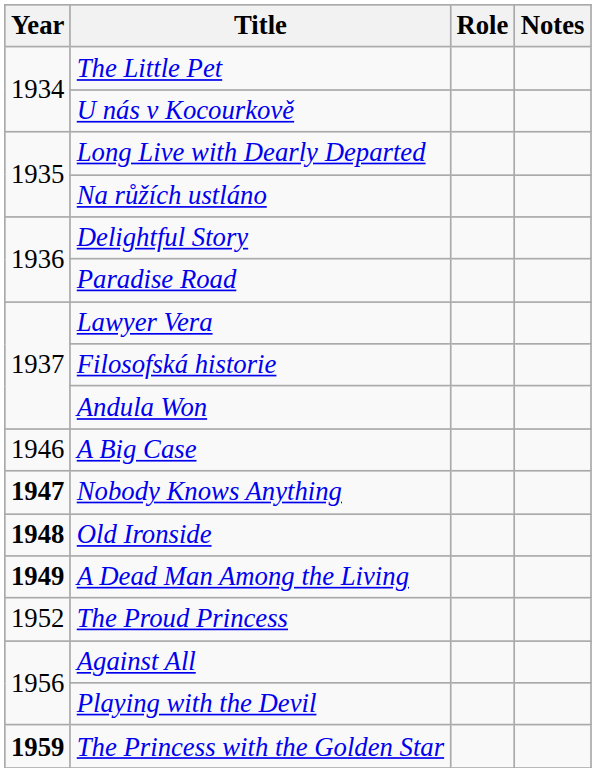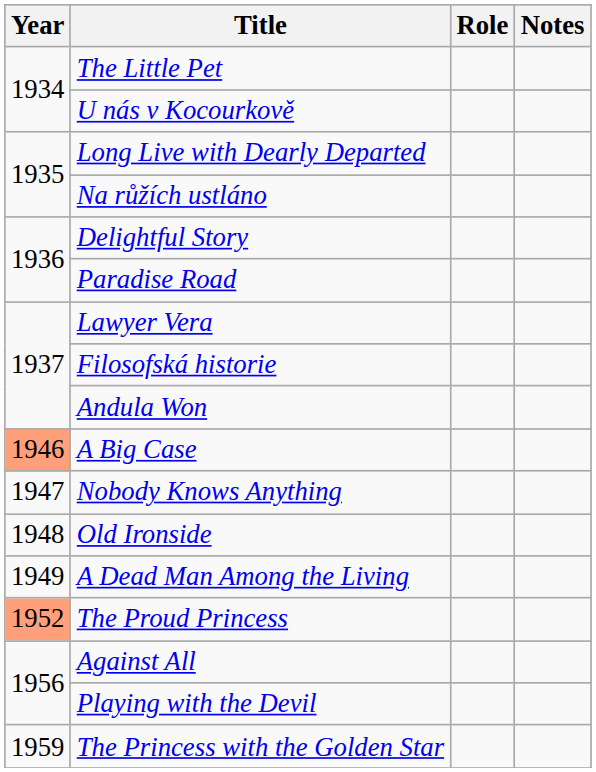 <table class="wikitable sortable">
 <tr>
 <th>Year</th>
 <th>Title</th>
 <th>Role</th>
 <th class="unsortable">Notes</th>
 </tr>
 <tr>
 <td rowspan=2>1934</td>
 <td><em><a href='#'>The Little Pet</a></em></td>
 <td></td>
 <td></td>
 </tr>
 <tr>
 <td><em><a href='#'>U nás v Kocourkově</a></em></td>
 <td></td>
 <td></td>
 </tr>
 <tr>
 <td rowspan=2>1935</td>
 <td><em><a href='#'>Long Live with Dearly Departed</a></em></td>
 <td></td>
 <td></td>
 </tr>
 <tr>
 <td><em><a href='#'>Na růžích ustláno</a></em></td>
 <td></td>
 <td></td>
 </tr>
 <tr>
 <td rowspan=2>1936</td>
 <td><em><a href='#'>Delightful Story</a></em></td>
 <td></td>
 <td></td>
 </tr>
 <tr>
 <td><em><a href='#'>Paradise Road</a></em></td>
 <td></td>
 <td></td>
 </tr>
 <tr>
 <td rowspan=3>1937</td>
 <td><em><a href='#'>Lawyer Vera</a></em></td>
 <td></td>
 <td></td>
 </tr>
 <tr>
 <td><em><a href='#'>Filosofská historie</a></em></td>
 <td></td>
 <td></td>
 </tr>
 <tr>
 <td><em><a href='#'>Andula Won</a></em></td>
 <td></td>
 <td></td>
 </tr>
 <tr>
-<td>1946</td>
+<td style="background: lightsalmon;">1946</td>
 <td><em><a href='#'>A Big Case</a></em></td>
 <td></td>
 <td></td>
 </tr>
 <tr>
-<td><strong>1947</strong></td>
+<td>1947</td>
 <td><em><a href='#'>Nobody Knows Anything</a></em></td>
 <td></td>
 <td></td>
 </tr>
 <tr>
-<td><strong>1948</strong></td>
+<td>1948</td>
 <td><em><a href='#'>Old Ironside</a></em></td>
 <td></td>
 <td></td>
 </tr>
 <tr>
-<td><strong>1949</strong></td>
+<td>1949</td>
 <td><em><a href='#'>A Dead Man Among the Living</a></em></td>
 <td></td>
 <td></td>
 </tr>
 <tr>
-<td>1952</td>
+<td style="background: lightsalmon;">1952</td>
 <td><em><a href='#'>The Proud Princess</a></em></td>
 <td></td>
 <td></td>
 </tr>
 <tr>
 <td rowspan=2>1956</td>
 <td><em><a href='#'>Against All</a></em></td>
 <td></td>
 <td></td>
 </tr>
 <tr>
 <td><em><a href='#'>Playing with the Devil</a></em></td>
 <td></td>
 <td></td>
 </tr>
 <tr>
-<td><strong>1959</strong></td>
+<td>1959</td>
 <td><em><a href='#'>The Princess with the Golden Star</a></em></td>
 <td></td>
 <td></td>
 </tr>
 </table>
